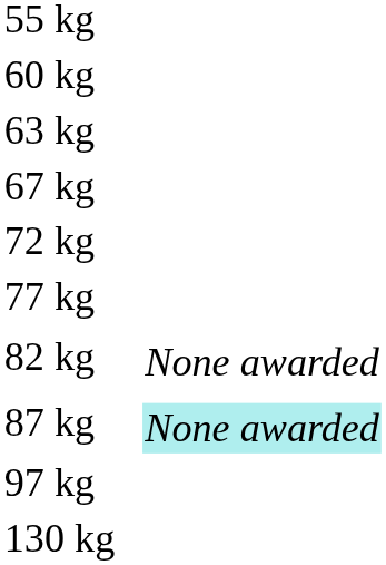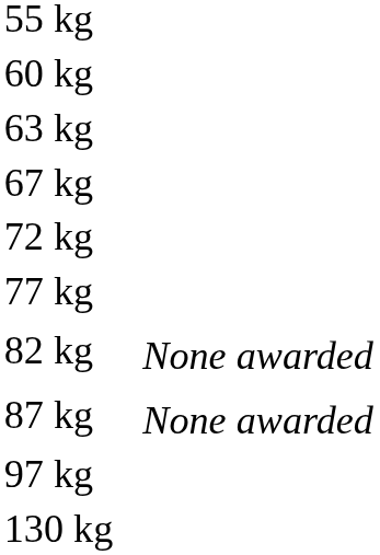 <table>
 <tr>
 <td rowspan=2>55 kg<br></td>
 <td rowspan=2></td>
 <td rowspan=2></td>
 <td></td>
 </tr>
 <tr>
 <td></td>
 </tr>
 <tr>
 <td rowspan=2>60 kg<br></td>
 <td rowspan=2></td>
 <td rowspan=2></td>
 <td></td>
 </tr>
 <tr>
 <td></td>
 </tr>
 <tr>
 <td rowspan=2>63 kg<br></td>
 <td rowspan=2></td>
 <td rowspan=2></td>
 <td></td>
 </tr>
 <tr>
 <td></td>
 </tr>
 <tr>
 <td rowspan=2>67 kg<br></td>
 <td rowspan=2></td>
 <td rowspan=2></td>
 <td></td>
 </tr>
 <tr>
 <td></td>
 </tr>
 <tr>
 <td rowspan=2>72 kg<br></td>
 <td rowspan=2></td>
 <td rowspan=2></td>
 <td></td>
 </tr>
 <tr>
 <td></td>
 </tr>
 <tr>
 <td rowspan=2>77 kg<br></td>
 <td rowspan=2></td>
 <td rowspan=2></td>
 <td></td>
 </tr>
 <tr>
 <td></td>
 </tr>
 <tr>
 <td rowspan=2>82 kg<br></td>
 <td rowspan=2></td>
 <td rowspan=2></td>
 <td></td>
 </tr>
 <tr>
 <td><em>None awarded</em></td>
 </tr>
 <tr>
 <td rowspan=2>87 kg<br></td>
 <td rowspan=2></td>
 <td rowspan=2></td>
 <td></td>
 </tr>
 <tr>
-<td style="background: paleturquoise;"><em>None awarded</em></td>
+<td><em>None awarded</em></td>
 </tr>
 <tr>
 <td rowspan=2>97 kg<br></td>
 <td rowspan=2></td>
 <td rowspan=2></td>
 <td></td>
 </tr>
 <tr>
 <td></td>
 </tr>
 <tr>
 <td rowspan=2>130 kg<br></td>
 <td rowspan=2></td>
 <td rowspan=2></td>
 <td></td>
 </tr>
 <tr>
 <td></td>
 </tr>
 </table>
